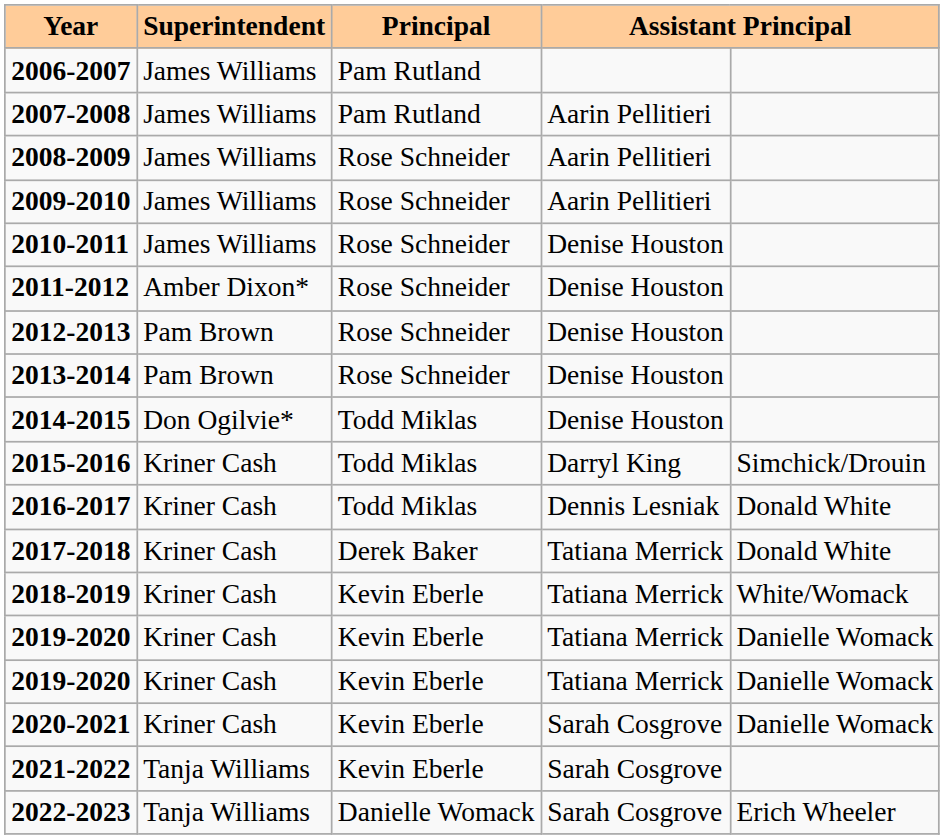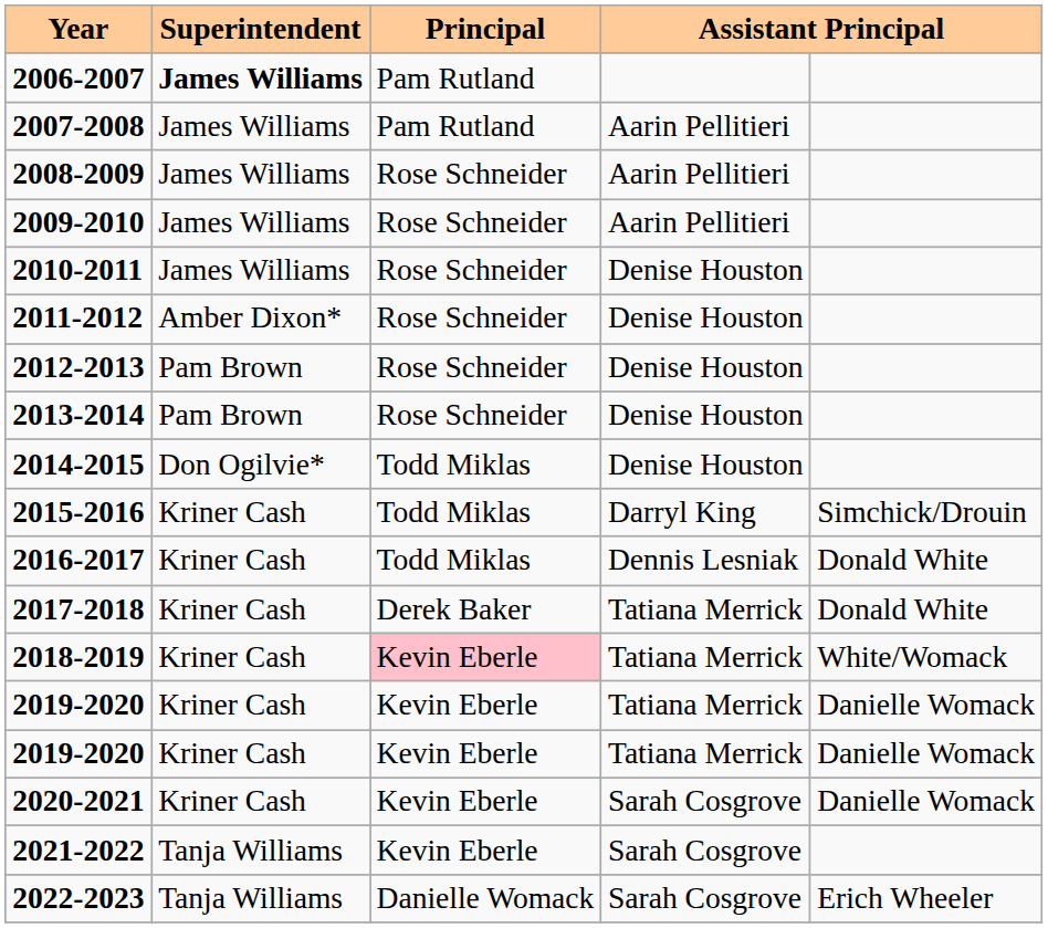 <table class="wikitable">
 <tr>
 <th style="background:#FFCC99;">Year</th>
 <th style="background:#FFCC99;">Superintendent</th>
 <th style="background:#FFCC99;">Principal</th>
 <th style="background:#FFCC99;" colspan=2>Assistant Principal</th>
 </tr>
 <tr>
 <td><strong>2006-2007</strong></td>
-<td>James Williams</td>
+<td><strong>James Williams</strong></td>
 <td>Pam Rutland</td>
 <td></td>
 <td></td>
 </tr>
 <tr>
 <td><strong>2007-2008</strong></td>
 <td>James Williams</td>
 <td>Pam Rutland</td>
 <td>Aarin Pellitieri</td>
 <td></td>
 </tr>
 <tr>
 <td><strong>2008-2009</strong></td>
 <td>James Williams</td>
 <td>Rose Schneider</td>
 <td>Aarin Pellitieri</td>
 <td></td>
 </tr>
 <tr>
 <td><strong>2009-2010</strong></td>
 <td>James Williams</td>
 <td>Rose Schneider</td>
 <td>Aarin Pellitieri</td>
 <td></td>
 </tr>
 <tr>
 <td><strong>2010-2011</strong></td>
 <td>James Williams</td>
 <td>Rose Schneider</td>
 <td>Denise Houston</td>
 <td></td>
 </tr>
 <tr>
 <td><strong>2011-2012</strong></td>
 <td>Amber Dixon*</td>
 <td>Rose Schneider</td>
 <td>Denise Houston</td>
 <td></td>
 </tr>
 <tr>
 <td><strong>2012-2013</strong></td>
 <td>Pam Brown</td>
 <td>Rose Schneider</td>
 <td>Denise Houston</td>
 <td></td>
 </tr>
 <tr>
 <td><strong>2013-2014</strong></td>
 <td>Pam Brown</td>
 <td>Rose Schneider</td>
 <td>Denise Houston</td>
 <td></td>
 </tr>
 <tr>
 <td><strong>2014-2015</strong></td>
 <td>Don Ogilvie*</td>
 <td>Todd Miklas</td>
 <td>Denise Houston</td>
 <td></td>
 </tr>
 <tr>
 <td><strong>2015-2016</strong></td>
 <td>Kriner Cash</td>
 <td>Todd Miklas</td>
 <td>Darryl King</td>
 <td>Simchick/Drouin</td>
 </tr>
 <tr>
 <td><strong>2016-2017</strong></td>
 <td>Kriner Cash</td>
 <td>Todd Miklas</td>
 <td>Dennis Lesniak</td>
 <td>Donald White</td>
 </tr>
 <tr>
 <td><strong>2017-2018</strong></td>
 <td>Kriner Cash</td>
 <td>Derek Baker</td>
 <td>Tatiana Merrick</td>
 <td>Donald White</td>
 </tr>
 <tr>
 <td><strong>2018-2019</strong></td>
 <td>Kriner Cash</td>
-<td>Kevin Eberle</td>
+<td style="background: pink;">Kevin Eberle</td>
 <td>Tatiana Merrick</td>
 <td>White/Womack</td>
 </tr>
 <tr>
 <td><strong>2019-2020</strong></td>
 <td>Kriner Cash</td>
 <td>Kevin Eberle</td>
 <td>Tatiana Merrick</td>
 <td>Danielle Womack</td>
 </tr>
 <tr>
 <td><strong>2019-2020</strong></td>
 <td>Kriner Cash</td>
 <td>Kevin Eberle</td>
 <td>Tatiana Merrick</td>
 <td>Danielle Womack</td>
 </tr>
 <tr>
 <td><strong>2020-2021</strong></td>
 <td>Kriner Cash</td>
 <td>Kevin Eberle</td>
 <td>Sarah Cosgrove</td>
 <td>Danielle Womack</td>
 </tr>
 <tr>
 <td><strong> 2021-2022</strong></td>
 <td>Tanja Williams</td>
 <td>Kevin Eberle</td>
 <td>Sarah Cosgrove</td>
 <td></td>
 </tr>
 <tr>
 <td><strong> 2022-2023</strong></td>
 <td>Tanja Williams</td>
 <td>Danielle Womack</td>
 <td>Sarah Cosgrove</td>
 <td>Erich Wheeler</td>
 </tr>
 </table>
